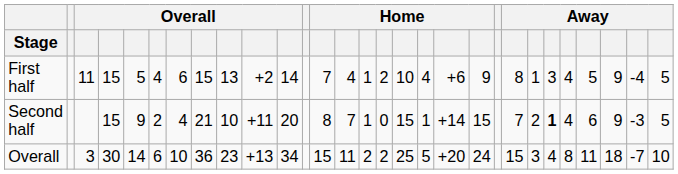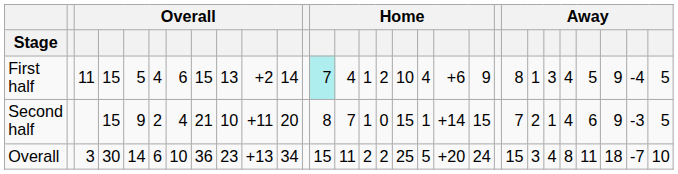 <table class="wikitable" style="text-align: right;">
 <tr>
 <th rawspan=2></th>
 <th rawspan=2></th>
 <th colspan=9>Overall</th>
 <th rawspan=1></th>
 <th colspan=8>Home</th>
 <th rawspan=1></th>
 <th colspan=8>Away</th>
 </tr>
 <tr>
 <th>Stage</th>
 <th></th>
 <th></th>
 <th></th>
 <th></th>
 <th></th>
 <th></th>
 <th></th>
 <th></th>
 <th></th>
 <th></th>
 <th></th>
 <th></th>
 <th></th>
 <th></th>
 <th></th>
 <th></th>
 <th></th>
 <th></th>
 <th></th>
 <th></th>
 <th></th>
 <th></th>
 <th></th>
 <th></th>
 <th></th>
 <th></th>
 <th></th>
 <th></th>
 </tr>
 <tr>
 <td align="left">First half</td>
 <td></td>
 <td>11</td>
 <td>15</td>
 <td>5</td>
 <td>4</td>
 <td>6</td>
 <td>15</td>
 <td>13</td>
 <td>+2</td>
 <td>14</td>
 <td></td>
-<td>7</td>
+<td style="background: paleturquoise;">7</td>
 <td>4</td>
 <td>1</td>
 <td>2</td>
 <td>10</td>
 <td>4</td>
 <td>+6</td>
 <td>9</td>
 <td></td>
 <td>8</td>
 <td>1</td>
 <td>3</td>
 <td>4</td>
 <td>5</td>
 <td>9</td>
 <td>-4</td>
 <td>5</td>
 </tr>
 <tr>
 <td align="left">Second half</td>
 <td></td>
 <td></td>
 <td>15</td>
 <td>9</td>
 <td>2</td>
 <td>4</td>
 <td>21</td>
 <td>10</td>
 <td>+11</td>
 <td>20</td>
 <td></td>
 <td>8</td>
 <td>7</td>
 <td>1</td>
 <td>0</td>
 <td>15</td>
 <td>1</td>
 <td>+14</td>
 <td>15</td>
 <td></td>
 <td>7</td>
 <td>2</td>
-<td><strong>1</strong></td>
+<td>1</td>
 <td>4</td>
 <td>6</td>
 <td>9</td>
 <td>-3</td>
 <td>5</td>
 </tr>
 <tr>
 <td align="left">Overall</td>
 <td></td>
 <td>3</td>
 <td>30</td>
 <td>14</td>
 <td>6</td>
 <td>10</td>
 <td>36</td>
 <td>23</td>
 <td>+13</td>
 <td>34</td>
 <td></td>
 <td>15</td>
 <td>11</td>
 <td>2</td>
 <td>2</td>
 <td>25</td>
 <td>5</td>
 <td>+20</td>
 <td>24</td>
 <td></td>
 <td>15</td>
 <td>3</td>
 <td>4</td>
 <td>8</td>
 <td>11</td>
 <td>18</td>
 <td>-7</td>
 <td>10</td>
 </tr>
 </table>
